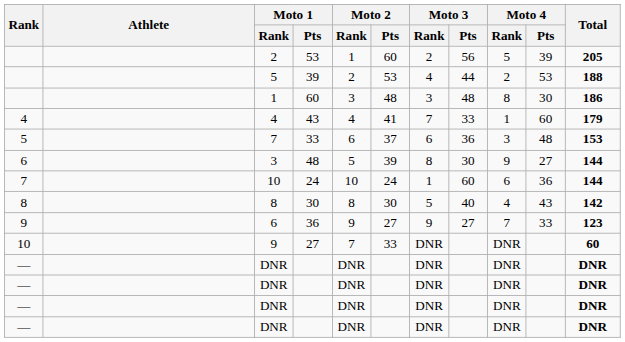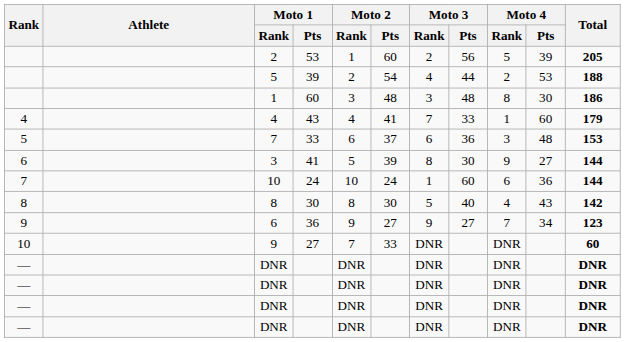 <table class=wikitable style="text-align:center">
 <tr>
 <th width=40 rowspan=2>Rank</th>
 <th width=250 rowspan=2>Athlete</th>
 <th colspan=2>Moto 1</th>
 <th colspan=2>Moto 2</th>
 <th colspan=2>Moto 3</th>
 <th colspan=2>Moto 4</th>
 <th width=60 rowspan=2>Total</th>
 </tr>
 <tr>
 <th width=40>Rank</th>
 <th width=40>Pts</th>
 <th width=40>Rank</th>
 <th width=40>Pts</th>
 <th width=40>Rank</th>
 <th width=40>Pts</th>
 <th width=40>Rank</th>
 <th width=40>Pts</th>
 </tr>
 <tr>
 <td></td>
 <td align=left></td>
 <td>2</td>
 <td>53</td>
 <td>1</td>
 <td>60</td>
 <td>2</td>
 <td>56</td>
 <td>5</td>
 <td>39</td>
 <td><strong>205</strong></td>
 </tr>
 <tr>
 <td></td>
 <td align=left></td>
 <td>5</td>
 <td>39</td>
 <td>2</td>
-<td>53</td>
+<td>54</td>
 <td>4</td>
 <td>44</td>
 <td>2</td>
 <td>53</td>
 <td><strong>188</strong></td>
 </tr>
 <tr>
 <td></td>
 <td align=left></td>
 <td>1</td>
 <td>60</td>
 <td>3</td>
 <td>48</td>
 <td>3</td>
 <td>48</td>
 <td>8</td>
 <td>30</td>
 <td><strong>186</strong></td>
 </tr>
 <tr>
 <td>4</td>
 <td align=left></td>
 <td>4</td>
 <td>43</td>
 <td>4</td>
 <td>41</td>
 <td>7</td>
 <td>33</td>
 <td>1</td>
 <td>60</td>
 <td><strong>179</strong></td>
 </tr>
 <tr>
 <td>5</td>
 <td align=left></td>
 <td>7</td>
 <td>33</td>
 <td>6</td>
 <td>37</td>
 <td>6</td>
 <td>36</td>
 <td>3</td>
 <td>48</td>
 <td><strong>153</strong></td>
 </tr>
 <tr>
 <td>6</td>
 <td align=left></td>
 <td>3</td>
-<td>48</td>
+<td>41</td>
 <td>5</td>
 <td>39</td>
 <td>8</td>
 <td>30</td>
 <td>9</td>
 <td>27</td>
 <td><strong>144</strong></td>
 </tr>
 <tr>
 <td>7</td>
 <td align=left></td>
 <td>10</td>
 <td>24</td>
 <td>10</td>
 <td>24</td>
 <td>1</td>
 <td>60</td>
 <td>6</td>
 <td>36</td>
 <td><strong>144</strong></td>
 </tr>
 <tr>
 <td>8</td>
 <td align=left></td>
 <td>8</td>
 <td>30</td>
 <td>8</td>
 <td>30</td>
 <td>5</td>
 <td>40</td>
 <td>4</td>
 <td>43</td>
 <td><strong>142</strong></td>
 </tr>
 <tr>
 <td>9</td>
 <td align=left></td>
 <td>6</td>
 <td>36</td>
 <td>9</td>
 <td>27</td>
 <td>9</td>
 <td>27</td>
 <td>7</td>
-<td>33</td>
+<td>34</td>
 <td><strong>123</strong></td>
 </tr>
 <tr>
 <td>10</td>
 <td align=left></td>
 <td>9</td>
 <td>27</td>
 <td>7</td>
 <td>33</td>
 <td>DNR</td>
 <td></td>
 <td>DNR</td>
 <td></td>
 <td><strong>60</strong></td>
 </tr>
 <tr>
 <td>—</td>
 <td align=left></td>
 <td>DNR</td>
 <td></td>
 <td>DNR</td>
 <td></td>
 <td>DNR</td>
 <td></td>
 <td>DNR</td>
 <td></td>
 <td><strong>DNR</strong></td>
 </tr>
 <tr>
 <td>—</td>
 <td align=left></td>
 <td>DNR</td>
 <td></td>
 <td>DNR</td>
 <td></td>
 <td>DNR</td>
 <td></td>
 <td>DNR</td>
 <td></td>
 <td><strong>DNR</strong></td>
 </tr>
 <tr>
 <td>—</td>
 <td align=left></td>
 <td>DNR</td>
 <td></td>
 <td>DNR</td>
 <td></td>
 <td>DNR</td>
 <td></td>
 <td>DNR</td>
 <td></td>
 <td><strong>DNR</strong></td>
 </tr>
 <tr>
 <td>—</td>
 <td align=left></td>
 <td>DNR</td>
 <td></td>
 <td>DNR</td>
 <td></td>
 <td>DNR</td>
 <td></td>
 <td>DNR</td>
 <td></td>
 <td><strong>DNR</strong></td>
 </tr>
 </table>
